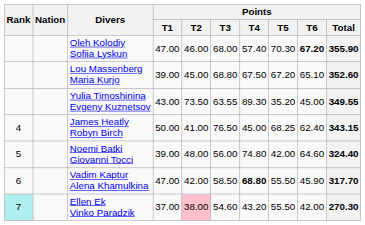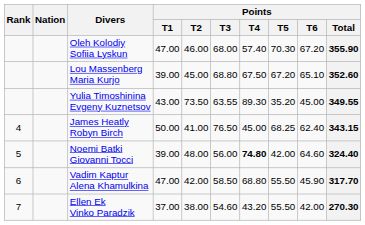 <table class="wikitable" style="text-align:center">
 <tr>
 <th rowspan=2>Rank</th>
 <th rowspan=2>Nation</th>
 <th rowspan=2>Divers</th>
 <th colspan=7>Points</th>
 </tr>
 <tr>
 <th>T1</th>
 <th>T2</th>
 <th>T3</th>
 <th>T4</th>
 <th>T5</th>
 <th>T6</th>
 <th>Total</th>
 </tr>
 <tr>
 <td></td>
 <td align=left></td>
 <td align=left><a href='#'>Oleh Kolodiy</a><br><a href='#'>Sofiia Lyskun</a></td>
 <td>47.00</td>
 <td>46.00</td>
 <td>68.00</td>
 <td>57.40</td>
 <td>70.30</td>
-<td><strong>67.20</strong></td>
+<td>67.20</td>
 <th>355.90</th>
 </tr>
 <tr>
 <td></td>
 <td align=left></td>
 <td align=left><a href='#'>Lou Massenberg</a><br><a href='#'>Maria Kurjo</a></td>
 <td>39.00</td>
 <td>45.00</td>
 <td>68.80</td>
 <td>67.50</td>
 <td>67.20</td>
 <td>65.10</td>
 <th>352.60</th>
 </tr>
 <tr>
 <td></td>
 <td align=left></td>
 <td align=left><a href='#'>Yulia Timoshinina</a><br><a href='#'>Evgeny Kuznetsov</a></td>
 <td>43.00</td>
 <td>73.50</td>
 <td>63.55</td>
 <td>89.30</td>
 <td>35.20</td>
 <td>45.00</td>
 <th>349.55</th>
 </tr>
 <tr>
 <td>4</td>
 <td align=left></td>
 <td align=left><a href='#'>James Heatly</a><br><a href='#'>Robyn Birch</a></td>
 <td>50.00</td>
 <td>41.00</td>
 <td>76.50</td>
 <td>45.00</td>
 <td>68.25</td>
 <td>62.40</td>
 <th>343.15</th>
 </tr>
 <tr>
 <td>5</td>
 <td align=left></td>
 <td align=left><a href='#'>Noemi Batki</a><br><a href='#'>Giovanni Tocci</a></td>
 <td>39.00</td>
 <td>48.00</td>
 <td>56.00</td>
-<td>74.80</td>
+<td><strong>74.80</strong></td>
 <td>42.00</td>
 <td>64.60</td>
 <th>324.40</th>
 </tr>
 <tr>
 <td>6</td>
 <td align=left></td>
 <td align=left><a href='#'>Vadim Kaptur</a><br><a href='#'>Alena Khamulkina</a></td>
 <td>47.00</td>
 <td>42.00</td>
 <td>58.50</td>
-<td><strong>68.80</strong></td>
+<td>68.80</td>
 <td>55.50</td>
 <td>45.90</td>
 <th>317.70</th>
 </tr>
 <tr>
-<td style="background: paleturquoise;">7</td>
+<td>7</td>
 <td align=left></td>
 <td align=left><a href='#'>Ellen Ek</a><br><a href='#'>Vinko Paradzik</a></td>
 <td>37.00</td>
-<td style="background: pink;">38.00</td>
+<td>38.00</td>
 <td>54.60</td>
 <td>43.20</td>
 <td>55.50</td>
 <td>42.00</td>
 <th>270.30</th>
 </tr>
 </table>
